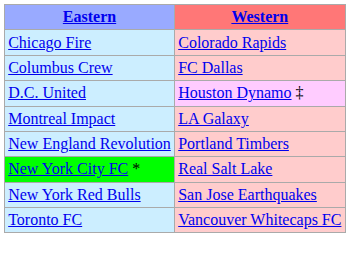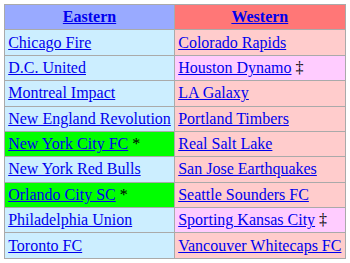 <table class="wikitable">
 <tr>
 <th style="background-color: #9AF;"><a href='#'>Eastern</a></th>
 <th style="background-color: #F77;"><a href='#'>Western</a></th>
 </tr>
 <tr>
 <td style="background-color: #CEF;"><a href='#'>Chicago Fire</a></td>
 <td style="background-color: #FCC;"><a href='#'>Colorado Rapids</a></td>
-</tr>
-<tr>
-<td style="background-color: #CEF;"><a href='#'>Columbus Crew</a></td>
-<td style="background-color: #FCC;"><a href='#'>FC Dallas</a></td>
 </tr>
 <tr>
 <td style="background-color: #CEF;"><a href='#'>D.C. United</a></td>
 <td style="background-color: #FCF;"><a href='#'>Houston Dynamo</a> ‡</td>
 </tr>
 <tr>
 <td style="background-color: #CEF;"><a href='#'>Montreal Impact</a></td>
 <td style="background-color: #FCC;"><a href='#'>LA Galaxy</a></td>
 </tr>
 <tr>
 <td style="background-color: #CEF;"><a href='#'>New England Revolution</a></td>
 <td style="background-color: #FCC;"><a href='#'>Portland Timbers</a></td>
 </tr>
 <tr>
 <td style="background-color: #0F0;"><a href='#'>New York City FC</a> *</td>
 <td style="background-color: #FCC;"><a href='#'>Real Salt Lake</a></td>
 </tr>
 <tr>
 <td style="background-color: #CEF;"><a href='#'>New York Red Bulls</a></td>
 <td style="background-color: #FCC;"><a href='#'>San Jose Earthquakes</a></td>
 </tr>
 <tr>
+<td style="background-color: #0F0;"><a href='#'>Orlando City SC</a> *</td>
+<td style="background-color: #FCC;"><a href='#'>Seattle Sounders FC</a></td>
+</tr>
+<tr>
+<td style="background-color: #CEF;"><a href='#'>Philadelphia Union</a></td>
+<td style="background-color: #FCF;"><a href='#'>Sporting Kansas City</a> ‡</td>
+</tr>
+<tr>
 <td style="background-color: #CEF;"><a href='#'>Toronto FC</a></td>
 <td style="background-color: #FCC;"><a href='#'>Vancouver Whitecaps FC</a></td>
 </tr>
 </table>
